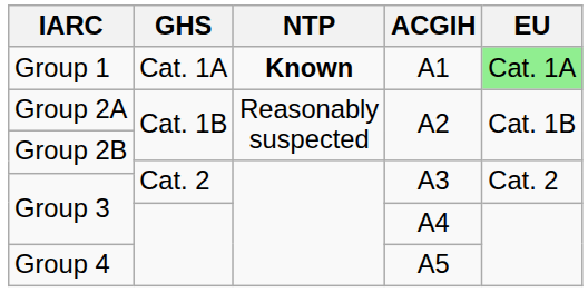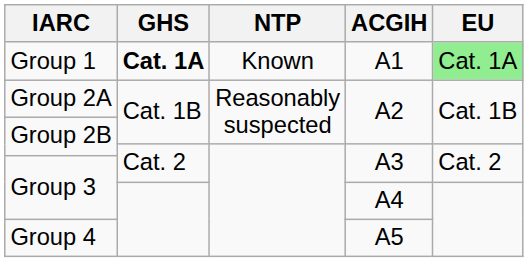 <table class="wikitable"  style="margin:0 0 0 0.5em; float:right;">
 <tr>
 <th>IARC</th>
 <th>GHS</th>
 <th>NTP</th>
 <th>ACGIH</th>
 <th>EU</th>
 </tr>
 <tr>
 <td>Group 1</td>
-<td>Cat. 1A</td>
-<td style="text-align:center;"><strong>Known</strong></td>
+<td><strong>Cat. 1A</strong></td>
+<td style="text-align:center;">Known</td>
 <td style="text-align:center;">A1</td>
 <td style="background: lightgreen;">Cat. 1A</td>
 </tr>
 <tr>
 <td>Group 2A</td>
 <td rowspan=2>Cat. 1B</td>
 <td rowspan="2" style="text-align:center;">Reasonably<br>suspected</td>
 <td rowspan="2" style="text-align:center;">A2</td>
 <td rowspan=2>Cat. 1B</td>
 </tr>
 <tr>
 <td rowspan=2>Group 2B</td>
 </tr>
 <tr>
 <td rowspan=2>Cat. 2</td>
 <td rowspan=4> </td>
 <td rowspan="2" style="text-align:center;">A3</td>
 <td rowspan=2>Cat. 2</td>
 </tr>
 <tr>
 <td rowspan=2>Group 3</td>
 </tr>
 <tr>
 <td rowspan=2> </td>
 <td style="text-align:center;">A4</td>
 <td rowspan=2> </td>
 </tr>
 <tr>
 <td>Group 4</td>
 <td style="text-align:center;">A5</td>
 </tr>
 </table>
